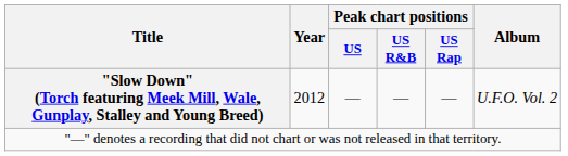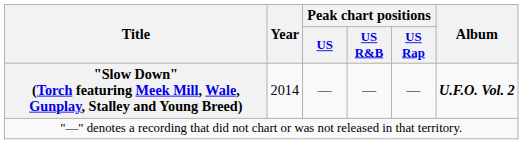 <table class="wikitable plainrowheaders" style="text-align:center;">
 <tr>
 <th scope="col" rowspan="2" style="width:18em;">Title</th>
 <th scope="col" rowspan="2">Year</th>
 <th scope="col" colspan="3">Peak chart positions</th>
 <th scope="col" rowspan="2">Album</th>
 </tr>
 <tr>
 <th scope="col" style="width:3em;font-size:90%;"><a href='#'>US</a><br></th>
 <th scope="col" style="width:3em;font-size:90%;"><a href='#'>US R&B</a><br></th>
 <th scope="col" style="width:3em;font-size:90%;"><a href='#'>US Rap</a><br></th>
 </tr>
 <tr>
 <th scope="row">"Slow Down"<br><span>(<a href='#'>Torch</a> featuring <a href='#'>Meek Mill</a>, <a href='#'>Wale</a>, <a href='#'>Gunplay</a>, Stalley and Young Breed)</span></th>
-<td>2012</td>
+<td>2014</td>
 <td>—</td>
 <td>—</td>
 <td>—</td>
-<td><em>U.F.O. Vol. 2</em></td>
+<td><strong><em>U.F.O. Vol. 2</em></strong></td>
 </tr>
 <tr>
 <td colspan="13" style="font-size:90%">"—" denotes a recording that did not chart or was not released in that territory.</td>
 </tr>
 </table>
